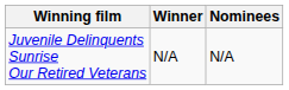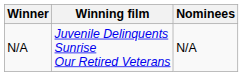 <table class="wikitable">
 <tr>
+<th>Winner</th>
 <th>Winning film</th>
-<th>Winner</th>
 <th>Nominees</th>
 </tr>
 <tr>
+<td>N/A</td>
 <td><em><a href='#'>Juvenile Delinquents</a></em><br><em><a href='#'>Sunrise</a></em><br><em><a href='#'>Our Retired Veterans</a></em></td>
-<td>N/A</td>
 <td>N/A</td>
 </tr>
 </table>
